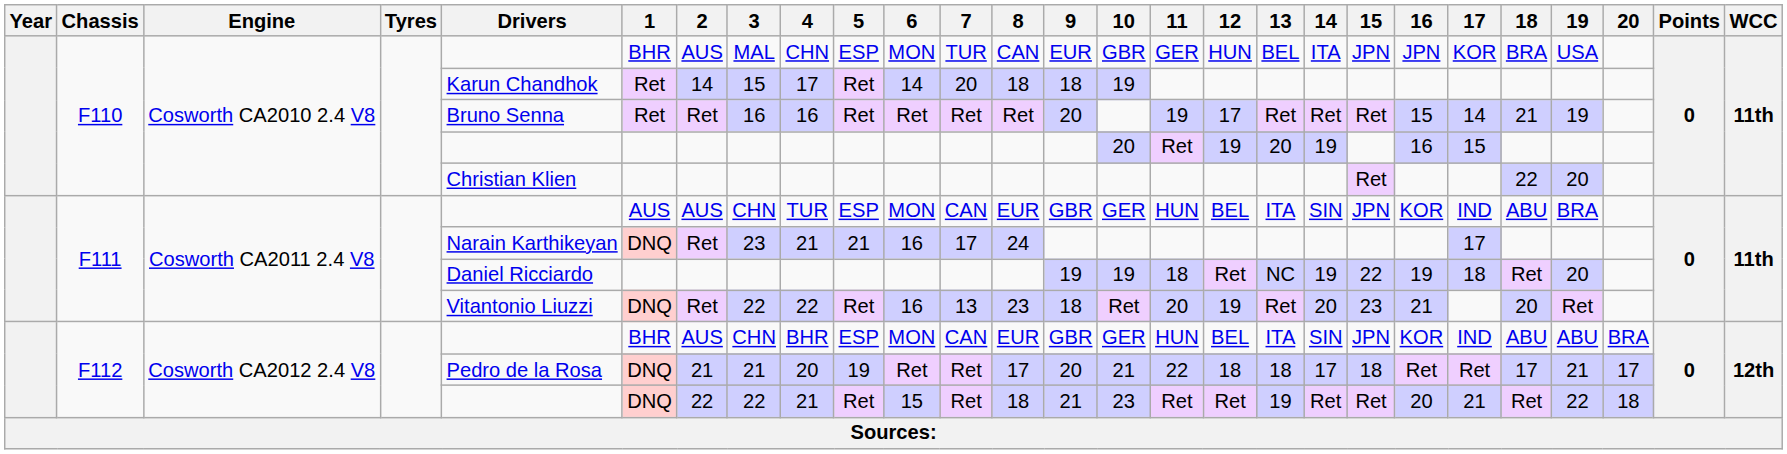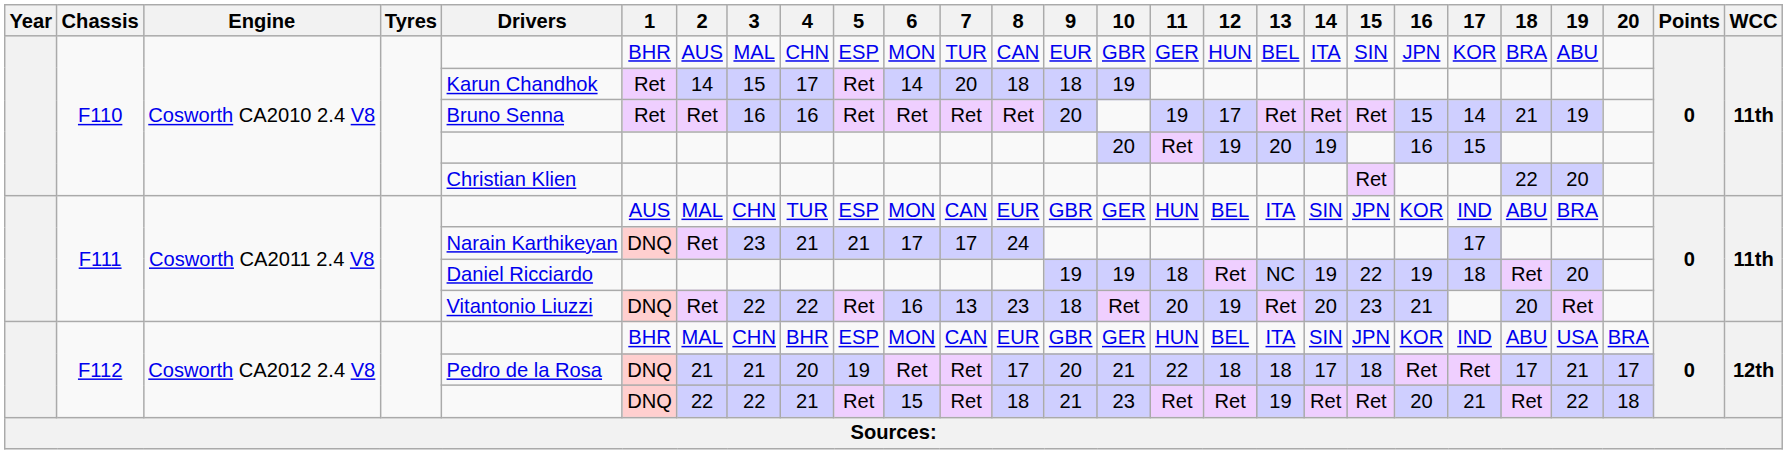 <table class="wikitable" style="text-align:center; font-size:85%;">
 <tr>
 <th>Year</th>
 <th>Chassis</th>
 <th>Engine</th>
 <th>Tyres</th>
 <th>Drivers</th>
 <th>1</th>
 <th>2</th>
 <th>3</th>
 <th>4</th>
 <th>5</th>
 <th>6</th>
 <th>7</th>
 <th>8</th>
 <th>9</th>
 <th>10</th>
 <th>11</th>
 <th>12</th>
 <th>13</th>
 <th>14</th>
 <th>15</th>
 <th>16</th>
 <th>17</th>
 <th>18</th>
 <th>19</th>
 <th>20</th>
 <th>Points</th>
 <th>WCC</th>
 </tr>
 <tr>
 <th rowspan="5"></th>
 <td rowspan="5"><a href='#'>F110</a></td>
 <td rowspan="5"><a href='#'>Cosworth</a> CA2010 2.4 <a href='#'>V8</a></td>
 <td rowspan="5"></td>
 <td></td>
 <td><a href='#'>BHR</a></td>
 <td><a href='#'>AUS</a></td>
 <td><a href='#'>MAL</a></td>
 <td><a href='#'>CHN</a></td>
 <td><a href='#'>ESP</a></td>
 <td><a href='#'>MON</a></td>
 <td><a href='#'>TUR</a></td>
 <td><a href='#'>CAN</a></td>
 <td><a href='#'>EUR</a></td>
 <td><a href='#'>GBR</a></td>
 <td><a href='#'>GER</a></td>
 <td><a href='#'>HUN</a></td>
 <td><a href='#'>BEL</a></td>
 <td><a href='#'>ITA</a></td>
-<td><a href='#'>JPN</a></td>
+<td><a href='#'>SIN</a></td>
 <td><a href='#'>JPN</a></td>
 <td><a href='#'>KOR</a></td>
 <td><a href='#'>BRA</a></td>
-<td><a href='#'>USA</a></td>
+<td><a href='#'>ABU</a></td>
 <td></td>
 <th rowspan="5">0</th>
 <th rowspan="5">11th</th>
 </tr>
 <tr>
 <td align="left"> <a href='#'>Karun Chandhok</a></td>
 <td style="background:#EFCFFF;">Ret</td>
 <td style="background:#CFCFFF;">14</td>
 <td style="background:#CFCFFF;">15</td>
 <td style="background:#CFCFFF;">17</td>
 <td style="background:#EFCFFF;">Ret</td>
 <td style="background:#CFCFFF;">14</td>
 <td style="background:#CFCFFF;">20</td>
 <td style="background:#CFCFFF;">18</td>
 <td style="background:#CFCFFF;">18</td>
 <td style="background:#CFCFFF;">19</td>
 <td></td>
 <td></td>
 <td></td>
 <td></td>
 <td></td>
 <td></td>
 <td></td>
 <td></td>
 <td></td>
 <td></td>
 </tr>
 <tr>
 <td align="left"> <a href='#'>Bruno Senna</a></td>
 <td style="background:#EFCFFF;">Ret</td>
 <td style="background:#EFCFFF;">Ret</td>
 <td style="background:#CFCFFF;">16</td>
 <td style="background:#CFCFFF;">16</td>
 <td style="background:#EFCFFF;">Ret</td>
 <td style="background:#EFCFFF;">Ret</td>
 <td style="background:#EFCFFF;">Ret</td>
 <td style="background:#EFCFFF;">Ret</td>
 <td style="background:#CFCFFF;">20</td>
 <td></td>
 <td style="background:#CFCFFF;">19</td>
 <td style="background:#CFCFFF;">17</td>
 <td style="background:#EFCFFF;">Ret</td>
 <td style="background:#EFCFFF;">Ret</td>
 <td style="background:#EFCFFF;">Ret</td>
 <td style="background:#CFCFFF;">15</td>
 <td style="background:#CFCFFF;">14</td>
 <td style="background:#CFCFFF;">21</td>
 <td style="background:#CFCFFF;">19</td>
 <td></td>
 </tr>
 <tr>
 <td align="left"></td>
 <td></td>
 <td></td>
 <td></td>
 <td></td>
 <td></td>
 <td></td>
 <td></td>
 <td></td>
 <td></td>
 <td style="background:#CFCFFF;">20</td>
 <td style="background:#EFCFFF;">Ret</td>
 <td style="background:#CFCFFF;">19</td>
 <td style="background:#CFCFFF;">20</td>
 <td style="background:#CFCFFF;">19</td>
 <td></td>
 <td style="background:#CFCFFF;">16</td>
 <td style="background:#CFCFFF;">15</td>
 <td></td>
 <td></td>
 <td></td>
 </tr>
 <tr>
 <td align="left"> <a href='#'>Christian Klien</a></td>
 <td></td>
 <td></td>
 <td></td>
 <td></td>
 <td></td>
 <td></td>
 <td></td>
 <td></td>
 <td></td>
 <td></td>
 <td></td>
 <td></td>
 <td></td>
 <td></td>
 <td style="background:#EFCFFF;">Ret</td>
 <td></td>
 <td></td>
 <td style="background:#CFCFFF;">22</td>
 <td style="background:#CFCFFF;">20</td>
 <td></td>
 </tr>
 <tr>
 <th rowspan="4"></th>
 <td rowspan="4"><a href='#'>F111</a></td>
 <td rowspan="4"><a href='#'>Cosworth</a> CA2011 2.4 <a href='#'>V8</a></td>
 <td rowspan="4"></td>
 <td></td>
 <td><a href='#'>AUS</a></td>
-<td><a href='#'>AUS</a></td>
+<td><a href='#'>MAL</a></td>
 <td><a href='#'>CHN</a></td>
 <td><a href='#'>TUR</a></td>
 <td><a href='#'>ESP</a></td>
 <td><a href='#'>MON</a></td>
 <td><a href='#'>CAN</a></td>
 <td><a href='#'>EUR</a></td>
 <td><a href='#'>GBR</a></td>
 <td><a href='#'>GER</a></td>
 <td><a href='#'>HUN</a></td>
 <td><a href='#'>BEL</a></td>
 <td><a href='#'>ITA</a></td>
 <td><a href='#'>SIN</a></td>
 <td><a href='#'>JPN</a></td>
 <td><a href='#'>KOR</a></td>
 <td><a href='#'>IND</a></td>
 <td><a href='#'>ABU</a></td>
 <td><a href='#'>BRA</a></td>
 <td></td>
 <th rowspan="4">0</th>
 <th rowspan="4">11th</th>
 </tr>
 <tr>
 <td align="left"> <a href='#'>Narain Karthikeyan</a></td>
 <td style="background:#FFCFCF;">DNQ</td>
 <td style="background:#EFCFFF;">Ret</td>
 <td style="background:#CFCFFF;">23</td>
 <td style="background:#CFCFFF;">21</td>
 <td style="background:#CFCFFF;">21</td>
-<td style="background:#CFCFFF;">16</td>
+<td style="background:#CFCFFF;">17</td>
 <td style="background:#CFCFFF;">17</td>
 <td style="background:#CFCFFF;">24</td>
 <td></td>
 <td></td>
 <td></td>
 <td></td>
 <td></td>
 <td></td>
 <td></td>
 <td></td>
 <td style="background:#CFCFFF;">17</td>
 <td></td>
 <td></td>
 <td></td>
 </tr>
 <tr>
 <td align="left"> <a href='#'>Daniel Ricciardo</a></td>
 <td></td>
 <td></td>
 <td></td>
 <td></td>
 <td></td>
 <td></td>
 <td></td>
 <td></td>
 <td style="background:#CFCFFF;">19</td>
 <td style="background:#CFCFFF;">19</td>
 <td style="background:#CFCFFF;">18</td>
 <td style="background:#EFCFFF;">Ret</td>
 <td style="background:#CFCFFF;">NC</td>
 <td style="background:#CFCFFF;">19</td>
 <td style="background:#CFCFFF;">22</td>
 <td style="background:#CFCFFF;">19</td>
 <td style="background:#CFCFFF;">18</td>
 <td style="background:#EFCFFF;">Ret</td>
 <td style="background:#CFCFFF;">20</td>
 <td></td>
 </tr>
 <tr>
 <td align="left"> <a href='#'>Vitantonio Liuzzi</a></td>
 <td style="background:#FFCFCF;">DNQ</td>
 <td style="background:#EFCFFF;">Ret</td>
 <td style="background:#CFCFFF;">22</td>
 <td style="background:#CFCFFF;">22</td>
 <td style="background:#EFCFFF;">Ret</td>
 <td style="background:#CFCFFF;">16</td>
 <td style="background:#CFCFFF;">13</td>
 <td style="background:#CFCFFF;">23</td>
 <td style="background:#CFCFFF;">18</td>
 <td style="background:#EFCFFF;">Ret</td>
 <td style="background:#CFCFFF;">20</td>
 <td style="background:#CFCFFF;">19</td>
 <td style="background:#EFCFFF;">Ret</td>
 <td style="background:#CFCFFF;">20</td>
 <td style="background:#CFCFFF;">23</td>
 <td style="background:#CFCFFF;">21</td>
 <td></td>
 <td style="background:#CFCFFF;">20</td>
 <td style="background:#EFCFFF;">Ret</td>
 <td></td>
 </tr>
 <tr>
 <th rowspan="3"></th>
 <td rowspan="3"><a href='#'>F112</a></td>
 <td rowspan="3"><a href='#'>Cosworth</a> CA2012 2.4 <a href='#'>V8</a></td>
 <td rowspan="3"></td>
 <td></td>
 <td><a href='#'>BHR</a></td>
-<td><a href='#'>AUS</a></td>
+<td><a href='#'>MAL</a></td>
 <td><a href='#'>CHN</a></td>
 <td><a href='#'>BHR</a></td>
 <td><a href='#'>ESP</a></td>
 <td><a href='#'>MON</a></td>
 <td><a href='#'>CAN</a></td>
 <td><a href='#'>EUR</a></td>
 <td><a href='#'>GBR</a></td>
 <td><a href='#'>GER</a></td>
 <td><a href='#'>HUN</a></td>
 <td><a href='#'>BEL</a></td>
 <td><a href='#'>ITA</a></td>
 <td><a href='#'>SIN</a></td>
 <td><a href='#'>JPN</a></td>
 <td><a href='#'>KOR</a></td>
 <td><a href='#'>IND</a></td>
 <td><a href='#'>ABU</a></td>
-<td><a href='#'>ABU</a></td>
+<td><a href='#'>USA</a></td>
 <td><a href='#'>BRA</a></td>
 <th rowspan="3">0</th>
 <th rowspan="3">12th</th>
 </tr>
 <tr>
 <td align="left"> <a href='#'>Pedro de la Rosa</a></td>
 <td style="background:#FFCFCF;">DNQ</td>
 <td style="background:#CFCFFF;">21</td>
 <td style="background:#CFCFFF;">21</td>
 <td style="background:#CFCFFF;">20</td>
 <td style="background:#CFCFFF;">19</td>
 <td style="background:#EFCFFF;">Ret</td>
 <td style="background:#EFCFFF;">Ret</td>
 <td style="background:#CFCFFF;">17</td>
 <td style="background:#CFCFFF;">20</td>
 <td style="background:#CFCFFF;">21</td>
 <td style="background:#CFCFFF;">22</td>
 <td style="background:#CFCFFF;">18</td>
 <td style="background:#CFCFFF;">18</td>
 <td style="background:#CFCFFF;">17</td>
 <td style="background:#CFCFFF;">18</td>
 <td style="background:#EFCFFF;">Ret</td>
 <td style="background:#EFCFFF;">Ret</td>
 <td style="background:#CFCFFF;">17</td>
 <td style="background:#CFCFFF;">21</td>
 <td style="background:#CFCFFF;">17</td>
 </tr>
 <tr>
 <td align="left"></td>
 <td style="background:#FFCFCF;">DNQ</td>
 <td style="background:#CFCFFF;">22</td>
 <td style="background:#CFCFFF;">22</td>
 <td style="background:#CFCFFF;">21</td>
 <td style="background:#EFCFFF;">Ret</td>
 <td style="background:#CFCFFF;">15</td>
 <td style="background:#EFCFFF;">Ret</td>
 <td style="background:#CFCFFF;">18</td>
 <td style="background:#CFCFFF;">21</td>
 <td style="background:#CFCFFF;">23</td>
 <td style="background:#EFCFFF;">Ret</td>
 <td style="background:#EFCFFF;">Ret</td>
 <td style="background:#CFCFFF;">19</td>
 <td style="background:#EFCFFF;">Ret</td>
 <td style="background:#EFCFFF;">Ret</td>
 <td style="background:#CFCFFF;">20</td>
 <td style="background:#CFCFFF;">21</td>
 <td style="background:#EFCFFF;">Ret</td>
 <td style="background:#CFCFFF;">22</td>
 <td style="background:#CFCFFF;">18</td>
 </tr>
 <tr>
 <th colspan="27">Sources:</th>
 </tr>
 </table>
